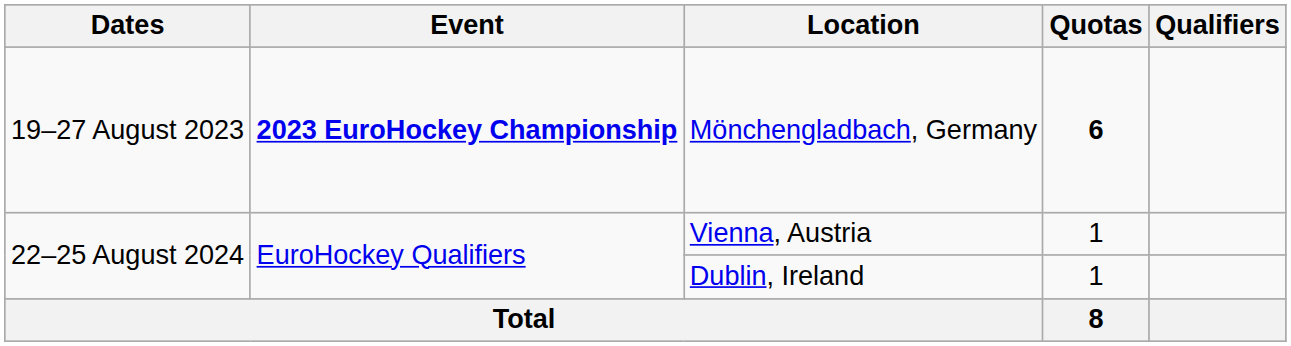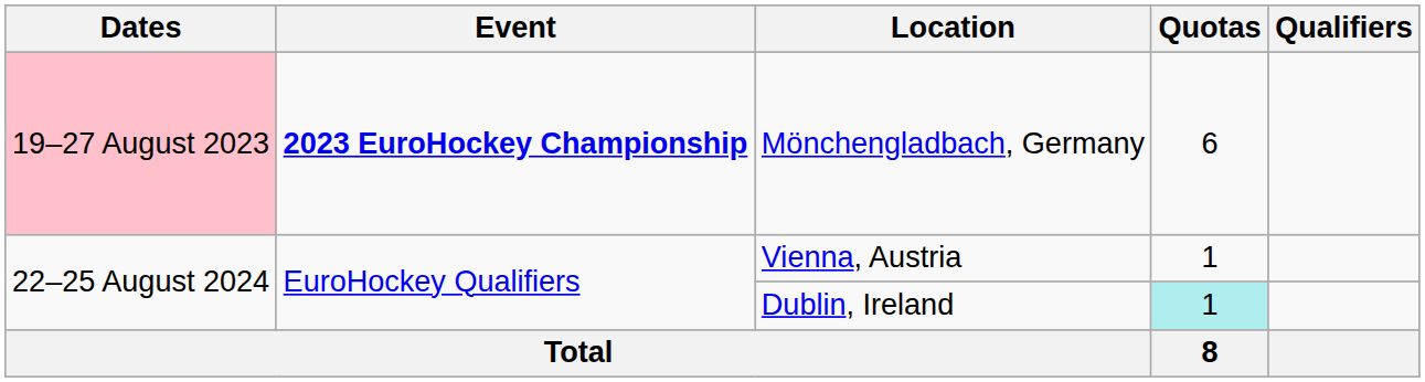 <table class=wikitable>
 <tr>
 <th>Dates</th>
 <th>Event</th>
 <th>Location</th>
 <th>Quotas</th>
 <th>Qualifiers</th>
 </tr>
 <tr>
-<td>19–27 August 2023</td>
+<td style="background: pink;">19–27 August 2023</td>
 <td><strong><a href='#'>2023 EuroHockey Championship</a></strong></td>
 <td><a href='#'>Mönchengladbach</a>, Germany</td>
-<td align=center><strong>6</strong></td>
+<td align=center>6</td>
 <td><br><br><br><br><br></td>
 </tr>
 <tr>
 <td rowspan=2>22–25 August 2024</td>
 <td rowspan=2><a href='#'>EuroHockey Qualifiers</a></td>
 <td><a href='#'>Vienna</a>, Austria</td>
 <td align=center>1</td>
 <td></td>
 </tr>
 <tr>
 <td><a href='#'>Dublin</a>, Ireland</td>
-<td align=center>1</td>
+<td align=center style="background: paleturquoise;">1</td>
 <td></td>
 </tr>
 <tr>
 <th colspan=3>Total</th>
 <th>8</th>
 <th></th>
 </tr>
 </table>
